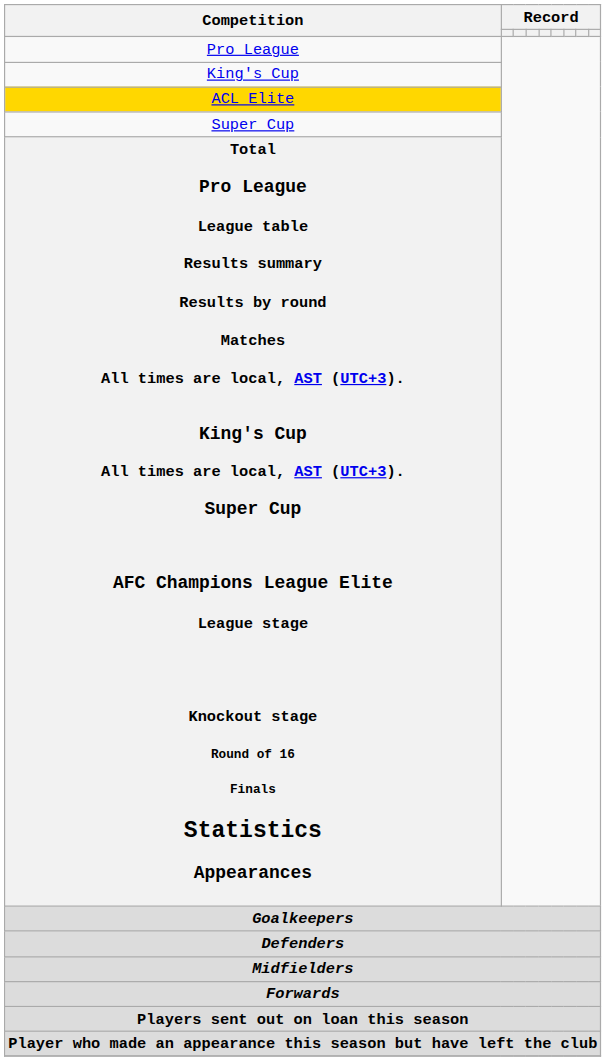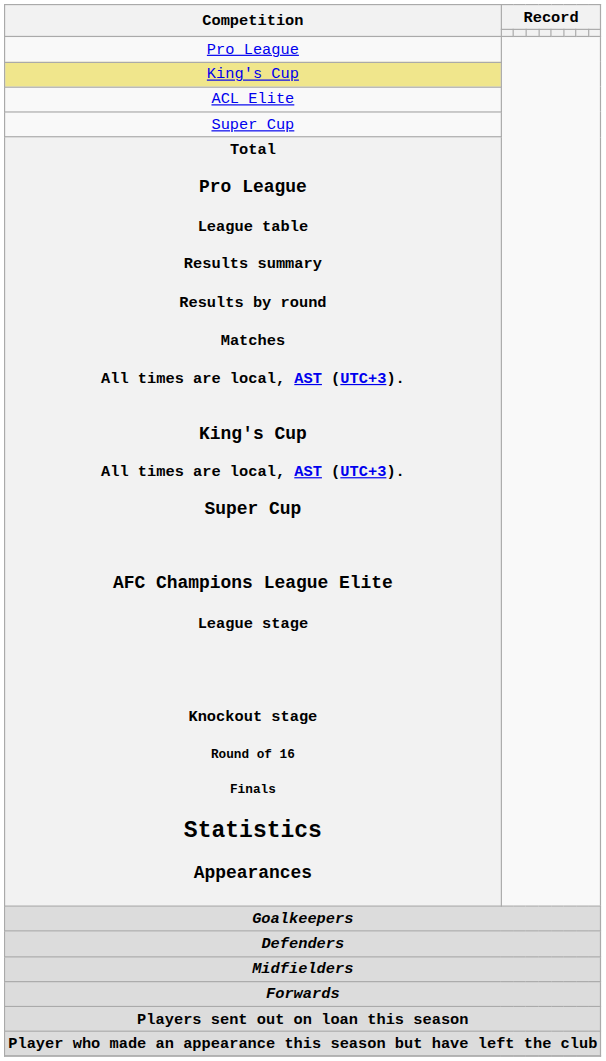 <table class="wikitable" style="text-align: center">
 <tr>
 <th rowspan=2>Competition</th>
 <th colspan=8>Record</th>
 </tr>
 <tr>
 <th></th>
 <th></th>
 <th></th>
 <th></th>
 <th></th>
 <th></th>
 <th></th>
 <th></th>
 </tr>
 <tr>
 <td><a href='#'>Pro League</a><br></td>
 </tr>
 <tr>
-<td><a href='#'>King's Cup</a><br></td>
+<td style="background: khaki;"><a href='#'>King's Cup</a><br></td>
 </tr>
 <tr>
-<td style="background: gold;"><a href='#'>ACL Elite</a><br></td>
+<td><a href='#'>ACL Elite</a><br></td>
 </tr>
 <tr>
 <td><a href='#'>Super Cup</a><br></td>
 </tr>
 <tr>
 <th>Total<br> <h3>Pro League</h3><h4>League table</h4><h4>Results summary</h4> <h4>Results by round</h4><h4>Matches</h4>All times are local, <a href='#'>AST</a> (<a href='#'>UTC+3</a>).<br>   <br>                                 <h3>King's Cup</h3> All times are local, <a href='#'>AST</a> (<a href='#'>UTC+3</a>).<br><h3>Super Cup</h3><br><h3>AFC Champions League Elite</h3><h4>League stage</h4><br><br>       <h4>Knockout stage</h4><h5>Round of 16</h5> <h5>Finals</h5>  <h2>Statistics</h2><h3>Appearances</h3></th>
 </tr>
 <tr>
 <th colspan=20 style=background:#dcdcdc; text-align:center><em>Goalkeepers</em><br>  </th>
 </tr>
 <tr>
 <th colspan=16 style=background:#dcdcdc; text-align:center><em>Defenders</em><br>         </th>
 </tr>
 <tr>
 <th colspan=16 style=background:#dcdcdc; text-align:center><em>Midfielders</em><br>        </th>
 </tr>
 <tr>
 <th colspan=16 style=background:#dcdcdc; text-align:center><em>Forwards</em><br>    </th>
 </tr>
 <tr>
 <th colspan=16 style=background:#dcdcdc; text-align:center>Players sent out on loan this season<br></th>
 </tr>
 <tr>
 <th colspan=18 style=background:#dcdcdc; text-align:center>Player who made an appearance this season but have left the club<br>   </th>
 </tr>
 <tr>
 </tr>
 </table>
